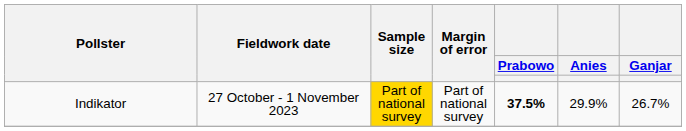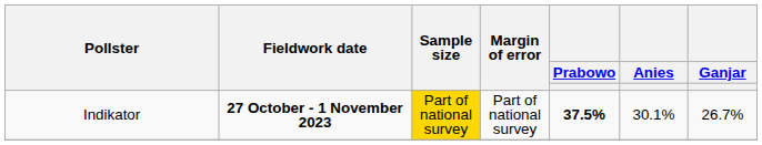 <table class="wikitable" style="text-align:center; font-size:90%; line-height:14px;">
 <tr style="height:55px; background-color:#E9E9E9">
 <th rowspan="3" style="width:200px;">Pollster</th>
 <th rowspan="3" style="width:180px;">Fieldwork date</th>
 <th rowspan="3" style="width:60px;">Sample size</th>
 <th rowspan="3" style="width:60px;">Margin of error</th>
 <th style="width:60px;"></th>
 <th style="width:60px;"></th>
 <th style="width:60px;"></th>
 </tr>
 <tr>
 <th><a href='#'>Prabowo</a> <br></th>
 <th><a href='#'>Anies</a> <br></th>
 <th><a href='#'>Ganjar</a> <br></th>
 </tr>
 <tr>
 <th class="unsortable" style="color:inherit;background:"></th>
 <th class="unsortable" style="color:inherit;background:"></th>
 <th class="unsortable" style="color:inherit;background:"></th>
 </tr>
 <tr>
 <td>Indikator</td>
-<td>27 October - 1 November 2023</td>
+<td><strong>27 October - 1 November 2023</strong></td>
 <td style="background: gold;">Part of national survey</td>
 <td>Part of national survey</td>
 <td style="background-color:#"><strong>37.5%</strong> </td>
-<td>29.9% </td>
+<td>30.1% </td>
 <td>26.7% </td>
 </tr>
 <tr>
 </tr>
 </table>
